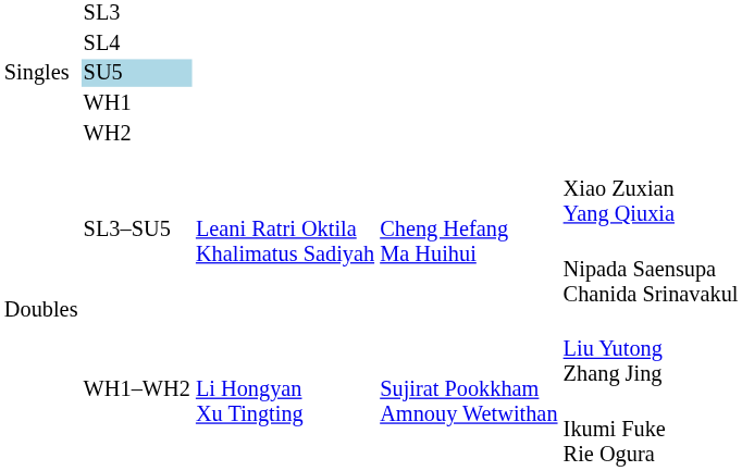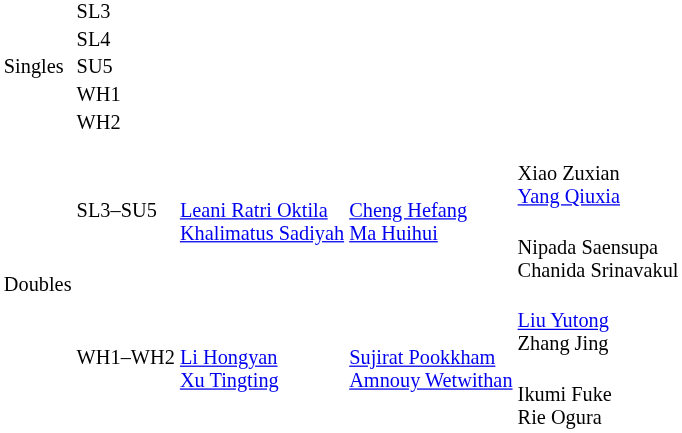 <table>
 <tr>
 <td rowspan=9>Singles</td>
 <td rowspan=2>SL3</td>
 <td rowspan=2></td>
 <td rowspan=2></td>
 <td></td>
 </tr>
 <tr>
 <td></td>
 </tr>
 <tr>
 <td rowspan=2>SL4</td>
 <td rowspan=2></td>
 <td rowspan=2></td>
 <td></td>
 </tr>
 <tr>
 <td nowrap></td>
 </tr>
 <tr>
-<td style="background: lightblue;">SU5</td>
+<td>SU5</td>
 <td></td>
 <td></td>
 <td></td>
 </tr>
 <tr>
 <td rowspan=2>WH1</td>
 <td rowspan=2></td>
 <td rowspan=2></td>
 <td></td>
 </tr>
 <tr>
 <td></td>
 </tr>
 <tr>
 <td rowspan=2>WH2</td>
 <td rowspan=2></td>
 <td rowspan=2></td>
 <td></td>
 </tr>
 <tr>
 <td></td>
 </tr>
 <tr>
 <td rowspan=4>Doubles</td>
 <td rowspan=2>SL3–SU5</td>
 <td rowspan=2 nowrap><br><a href='#'>Leani Ratri Oktila</a>  <br><a href='#'>Khalimatus Sadiyah</a></td>
 <td rowspan=2><br><a href='#'>Cheng Hefang</a><br><a href='#'>Ma Huihui</a></td>
 <td><br>Xiao Zuxian<br><a href='#'>Yang Qiuxia</a></td>
 </tr>
 <tr>
 <td><br>Nipada Saensupa<br>Chanida Srinavakul</td>
 </tr>
 <tr>
 <td rowspan=2>WH1–WH2</td>
 <td rowspan=2><br><a href='#'>Li Hongyan</a><br><a href='#'>Xu Tingting</a></td>
 <td rowspan=2><br><a href='#'>Sujirat Pookkham</a><br><a href='#'>Amnouy Wetwithan</a></td>
 <td><br><a href='#'>Liu Yutong</a><br>Zhang Jing</td>
 </tr>
 <tr>
 <td><br>Ikumi Fuke<br>Rie Ogura</td>
 </tr>
 </table>
